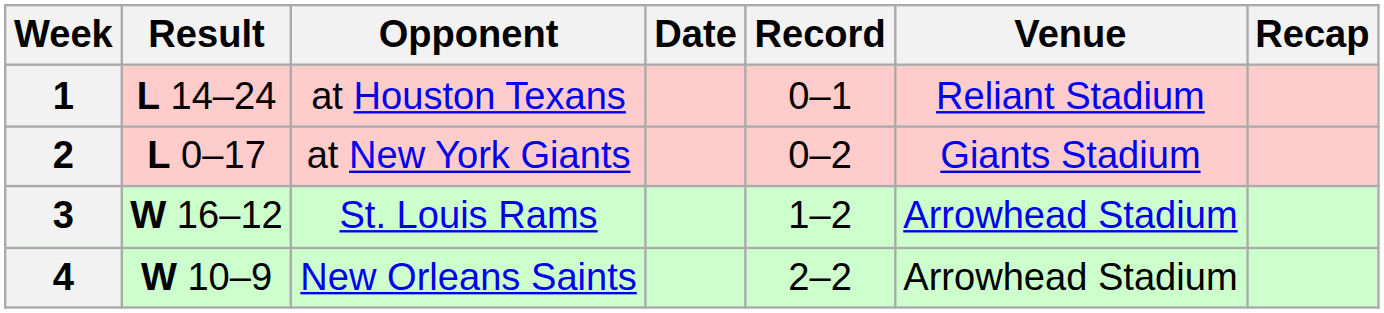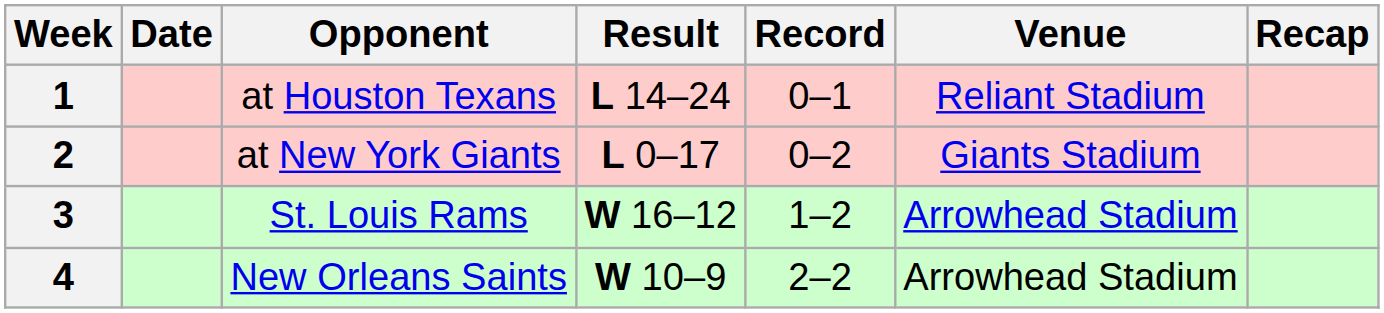 <table class="wikitable" style="text-align:center">
 <tr>
 <th>Week</th>
+<th>Date</th>
+<th>Opponent</th>
 <th>Result</th>
-<th>Opponent</th>
-<th>Date</th>
 <th>Record</th>
 <th>Venue</th>
 <th>Recap</th>
 </tr>
 <tr style="background:#fcc">
 <th>1</th>
+<td></td>
+<td>at <a href='#'>Houston Texans</a></td>
 <td><strong>L</strong> 14–24</td>
-<td>at <a href='#'>Houston Texans</a></td>
-<td></td>
 <td>0–1</td>
 <td><a href='#'>Reliant Stadium</a></td>
 <td></td>
 </tr>
 <tr style="background:#fcc">
 <th>2</th>
+<td></td>
+<td>at <a href='#'>New York Giants</a></td>
 <td><strong>L</strong> 0–17</td>
-<td>at <a href='#'>New York Giants</a></td>
-<td></td>
 <td>0–2</td>
 <td><a href='#'>Giants Stadium</a></td>
 <td></td>
 </tr>
 <tr style="background:#cfc">
 <th>3</th>
+<td></td>
+<td><a href='#'>St. Louis Rams</a></td>
 <td><strong>W</strong> 16–12</td>
-<td><a href='#'>St. Louis Rams</a></td>
-<td></td>
 <td>1–2</td>
 <td><a href='#'>Arrowhead Stadium</a></td>
 <td></td>
 </tr>
 <tr style="background:#cfc">
 <th>4</th>
+<td></td>
+<td><a href='#'>New Orleans Saints</a></td>
 <td><strong>W</strong> 10–9</td>
-<td><a href='#'>New Orleans Saints</a></td>
-<td></td>
 <td>2–2</td>
 <td>Arrowhead Stadium</td>
 <td></td>
 </tr>
 </table>
